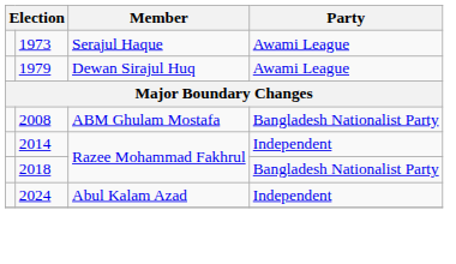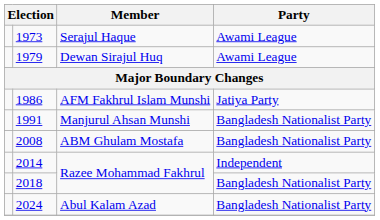 <table class="wikitable">
 <tr>
 <th colspan="2">Election</th>
 <th>Member</th>
 <th>Party</th>
 </tr>
 <tr>
 <td style="background-color:"></td>
 <td><a href='#'>1973</a></td>
 <td><a href='#'>Serajul Haque</a></td>
 <td><a href='#'>Awami League</a></td>
 </tr>
 <tr>
 <td style="background-color:"></td>
 <td><a href='#'>1979</a></td>
 <td><a href='#'>Dewan Sirajul Huq</a></td>
 <td><a href='#'>Awami League</a></td>
 </tr>
 <tr>
 <th colspan="4">Major Boundary Changes</th>
 </tr>
 <tr>
 <td style="background-color:"></td>
+<td><a href='#'>1986</a></td>
+<td><a href='#'>AFM Fakhrul Islam Munshi</a></td>
+<td><a href='#'>Jatiya Party</a></td>
+</tr>
+<tr>
+<td style="background-color:"></td>
+<td><a href='#'>1991</a></td>
+<td><a href='#'>Manjurul Ahsan Munshi</a></td>
+<td><a href='#'>Bangladesh Nationalist Party</a></td>
+</tr>
+<tr>
+<td style="background-color:"></td>
 <td><a href='#'>2008</a></td>
 <td><a href='#'>ABM Ghulam Mostafa</a></td>
 <td><a href='#'>Bangladesh Nationalist Party</a></td>
 </tr>
 <tr>
 <td style="background-color:"></td>
 <td><a href='#'>2014</a></td>
 <td rowspan="2"><a href='#'>Razee Mohammad Fakhrul</a></td>
 <td><a href='#'>Independent</a></td>
 </tr>
 <tr>
 <td style="background-color:"></td>
 <td><a href='#'>2018</a></td>
 <td><a href='#'>Bangladesh Nationalist Party</a></td>
 </tr>
 <tr>
 <td></td>
 <td><a href='#'>2024</a></td>
 <td><a href='#'>Abul Kalam Azad</a></td>
-<td><a href='#'>Independent</a></td>
+<td><a href='#'>Bangladesh Nationalist Party</a></td>
 </tr>
 <tr>
 </tr>
 </table>
